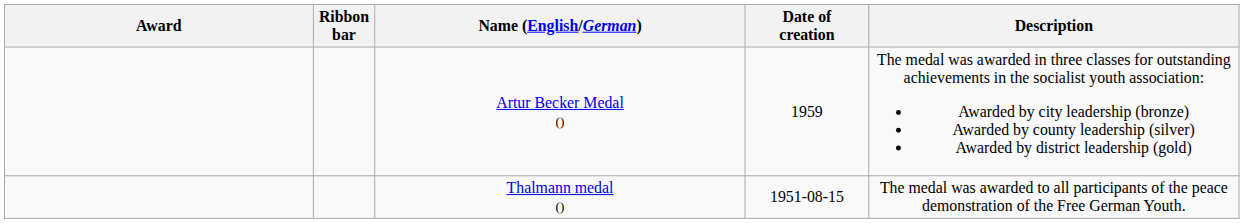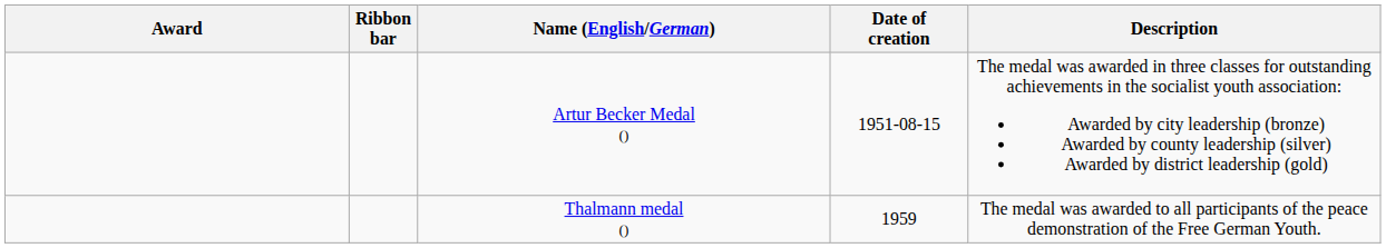 <table class="wikitable sortable" style="text-align:center">
 <tr>
 <th style="width:25%">Award</th>
 <th style="width:5%">Ribbon<br>bar</th>
 <th style="width:30%">Name (<a href='#'>English</a>/<em><a href='#'>German</a></em>)</th>
 <th style="width:10%">Date of<br>creation</th>
 <th style="width:30%">Description</th>
 </tr>
 <tr>
 <td></td>
 <td><br><br> <br> <br></td>
 <td><a href='#'>Artur Becker Medal</a><br><small>()</small></td>
-<td>1959</td>
+<td>1951-08-15</td>
 <td>The medal was awarded in three classes for outstanding achievements in the socialist youth association:<br><ul><li>Awarded by city leadership (bronze)</li><li>Awarded by county leadership (silver)</li><li>Awarded by district leadership (gold)</li></ul></td>
 </tr>
 <tr>
 <td></td>
 <td><br><br></td>
 <td><a href='#'>Thalmann medal</a><br><small>()</small></td>
-<td>1951-08-15</td>
+<td>1959</td>
 <td>The medal was awarded to all participants of the peace demonstration of the Free German Youth.</td>
 </tr>
 </table>
